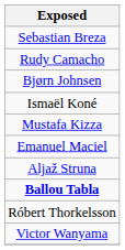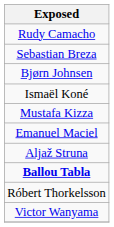 <table class="wikitable" style="text-align:center">
 <tr>
 <th>Exposed</th>
 </tr>
 <tr>
-<td><a href='#'>Sebastian Breza</a></td>
+<td><a href='#'>Rudy Camacho</a></td>
 </tr>
 <tr>
-<td><a href='#'>Rudy Camacho</a></td>
+<td><a href='#'>Sebastian Breza</a></td>
 </tr>
 <tr>
 <td><a href='#'>Bjørn Johnsen</a></td>
 </tr>
 <tr>
 <td>Ismaël Koné</td>
 </tr>
 <tr>
 <td><a href='#'>Mustafa Kizza</a></td>
 </tr>
 <tr>
 <td><a href='#'>Emanuel Maciel</a></td>
 </tr>
 <tr>
 <td><a href='#'>Aljaž Struna</a></td>
 </tr>
 <tr>
 <td><strong><a href='#'>Ballou Tabla</a></strong></td>
 </tr>
 <tr>
 <td>Róbert Thorkelsson</td>
 </tr>
 <tr>
 <td><a href='#'>Victor Wanyama</a></td>
 </tr>
 <tr>
 </tr>
 </table>
